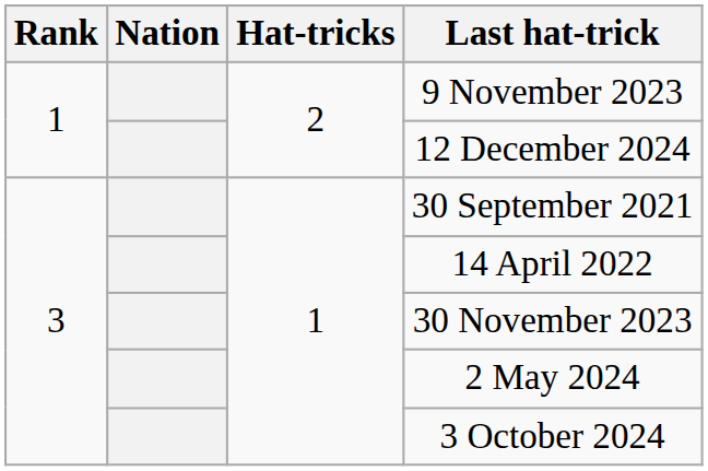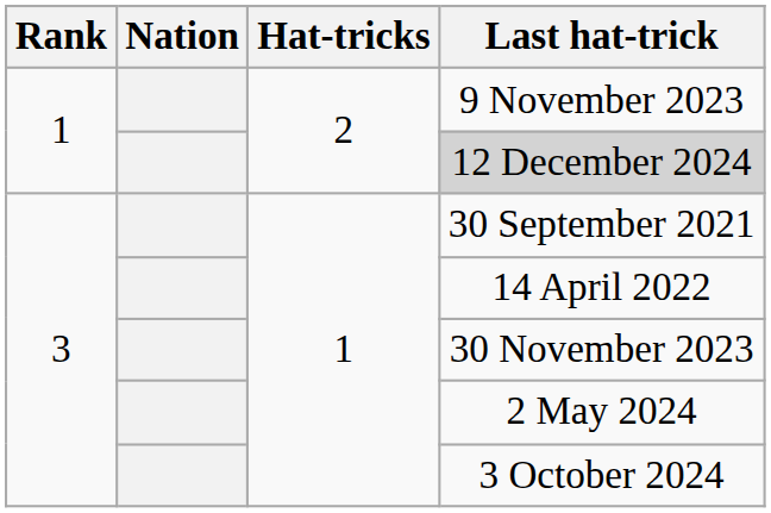 <table class="wikitable sortable plainrowheaders" style="text-align:center">
 <tr>
 <th scope="col">Rank</th>
 <th scope="col">Nation</th>
 <th scope="col">Hat-tricks</th>
 <th scope="col">Last hat-trick</th>
 </tr>
 <tr>
 <td rowspan="2">1</td>
 <th scope="row"></th>
 <td rowspan="2">2</td>
 <td>9 November 2023</td>
 </tr>
 <tr>
 <th scope="row"></th>
-<td>12 December 2024</td>
+<td style="background: lightgrey;">12 December 2024</td>
 </tr>
 <tr>
 <td rowspan="5">3</td>
 <th scope="row"></th>
 <td rowspan="5">1</td>
 <td>30 September 2021</td>
 </tr>
 <tr>
 <th scope="row"></th>
 <td>14 April 2022</td>
 </tr>
 <tr>
 <th scope="row"></th>
 <td>30 November 2023</td>
 </tr>
 <tr>
 <th scope="row"></th>
 <td>2 May 2024</td>
 </tr>
 <tr>
 <th scope="row"></th>
 <td>3 October 2024</td>
 </tr>
 </table>
